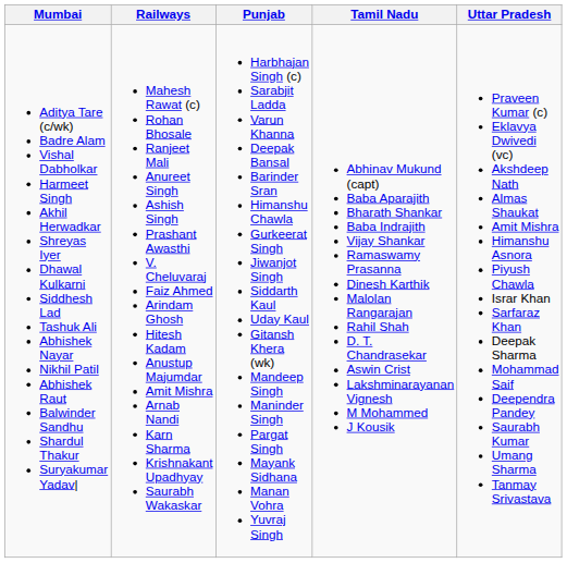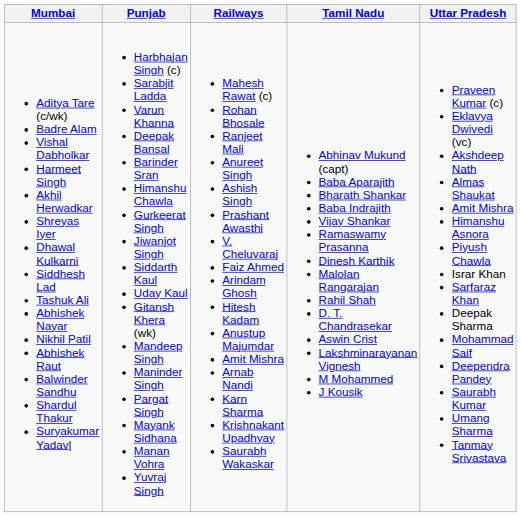 <table class="wikitable">
 <tr>
 <th style="width: 120pt;"><a href='#'>Mumbai</a></th>
+<th style="width: 120pt;"><a href='#'>Punjab</a></th>
 <th style="width: 120pt;"><a href='#'>Railways</a></th>
-<th style="width: 120pt;"><a href='#'>Punjab</a></th>
 <th style="width:120pt"><a href='#'>Tamil Nadu</a></th>
 <th style="width:120pt"><a href='#'>Uttar Pradesh</a></th>
 </tr>
 <tr>
 <td><br><ul><li><a href='#'>Aditya Tare</a> (c/wk)</li><li><a href='#'>Badre Alam</a></li><li><a href='#'>Vishal Dabholkar</a></li><li><a href='#'>Harmeet Singh</a></li><li><a href='#'>Akhil Herwadkar</a></li><li><a href='#'>Shreyas Iyer</a></li><li><a href='#'>Dhawal Kulkarni</a></li><li><a href='#'>Siddhesh Lad</a></li><li><a href='#'>Tashuk Ali</a></li><li><a href='#'>Abhishek Nayar</a></li><li><a href='#'>Nikhil Patil</a></li><li><a href='#'>Abhishek Raut</a></li><li><a href='#'>Balwinder Sandhu</a></li><li><a href='#'>Shardul Thakur</a></li><li><a href='#'>Suryakumar Yadav</a>|</li></ul></td>
+<td><br><ul><li><a href='#'>Harbhajan Singh</a> (c)</li><li><a href='#'>Sarabjit Ladda</a></li><li><a href='#'>Varun Khanna</a></li><li><a href='#'>Deepak Bansal</a></li><li><a href='#'>Barinder Sran</a></li><li><a href='#'>Himanshu Chawla</a></li><li><a href='#'>Gurkeerat Singh</a></li><li><a href='#'>Jiwanjot Singh</a></li><li><a href='#'>Siddarth Kaul</a></li><li><a href='#'>Uday Kaul</a></li><li><a href='#'>Gitansh Khera</a> (wk)</li><li><a href='#'>Mandeep Singh</a></li><li><a href='#'>Maninder Singh</a></li><li><a href='#'>Pargat Singh</a></li><li><a href='#'>Mayank Sidhana</a></li><li><a href='#'>Manan Vohra</a></li><li><a href='#'>Yuvraj Singh</a></li></ul></td>
 <td><br><ul><li><a href='#'>Mahesh Rawat</a> (c)</li><li><a href='#'>Rohan Bhosale</a></li><li><a href='#'>Ranjeet Mali</a></li><li><a href='#'>Anureet Singh</a></li><li><a href='#'>Ashish Singh</a></li><li><a href='#'>Prashant Awasthi</a></li><li><a href='#'>V. Cheluvaraj</a></li><li><a href='#'>Faiz Ahmed</a></li><li><a href='#'>Arindam Ghosh</a></li><li><a href='#'>Hitesh Kadam</a></li><li><a href='#'>Anustup Majumdar</a></li><li><a href='#'>Amit Mishra</a></li><li><a href='#'>Arnab Nandi</a></li><li><a href='#'>Karn Sharma</a></li><li><a href='#'>Krishnakant Upadhyay</a></li><li><a href='#'>Saurabh Wakaskar</a></li></ul></td>
-<td><br><ul><li><a href='#'>Harbhajan Singh</a> (c)</li><li><a href='#'>Sarabjit Ladda</a></li><li><a href='#'>Varun Khanna</a></li><li><a href='#'>Deepak Bansal</a></li><li><a href='#'>Barinder Sran</a></li><li><a href='#'>Himanshu Chawla</a></li><li><a href='#'>Gurkeerat Singh</a></li><li><a href='#'>Jiwanjot Singh</a></li><li><a href='#'>Siddarth Kaul</a></li><li><a href='#'>Uday Kaul</a></li><li><a href='#'>Gitansh Khera</a> (wk)</li><li><a href='#'>Mandeep Singh</a></li><li><a href='#'>Maninder Singh</a></li><li><a href='#'>Pargat Singh</a></li><li><a href='#'>Mayank Sidhana</a></li><li><a href='#'>Manan Vohra</a></li><li><a href='#'>Yuvraj Singh</a></li></ul></td>
 <td><br><ul><li><a href='#'>Abhinav Mukund</a> (capt)</li><li><a href='#'>Baba Aparajith</a></li><li><a href='#'>Bharath Shankar</a></li><li><a href='#'>Baba Indrajith</a></li><li><a href='#'>Vijay Shankar</a></li><li><a href='#'>Ramaswamy Prasanna</a></li><li><a href='#'>Dinesh Karthik</a></li><li><a href='#'>Malolan Rangarajan</a></li><li><a href='#'>Rahil Shah</a></li><li><a href='#'>D. T. Chandrasekar</a></li><li><a href='#'>Aswin Crist</a></li><li><a href='#'>Lakshminarayanan Vignesh</a></li><li><a href='#'>M Mohammed</a></li><li><a href='#'>J Kousik</a></li></ul></td>
 <td><br><ul><li><a href='#'>Praveen Kumar</a> (c)</li><li><a href='#'>Eklavya Dwivedi</a> (vc)</li><li><a href='#'>Akshdeep Nath</a></li><li><a href='#'>Almas Shaukat</a></li><li><a href='#'>Amit Mishra</a></li><li><a href='#'>Himanshu Asnora</a></li><li><a href='#'>Piyush Chawla</a></li><li>Israr Khan</li><li><a href='#'>Sarfaraz Khan</a></li><li>Deepak Sharma</li><li><a href='#'>Mohammad Saif</a></li><li><a href='#'>Deependra Pandey</a></li><li><a href='#'>Saurabh Kumar</a></li><li><a href='#'>Umang Sharma</a></li><li><a href='#'>Tanmay Srivastava</a></li></ul></td>
 </tr>
 </table>
